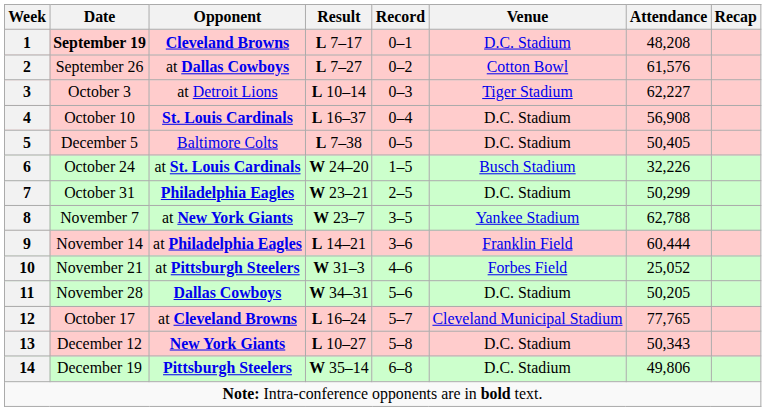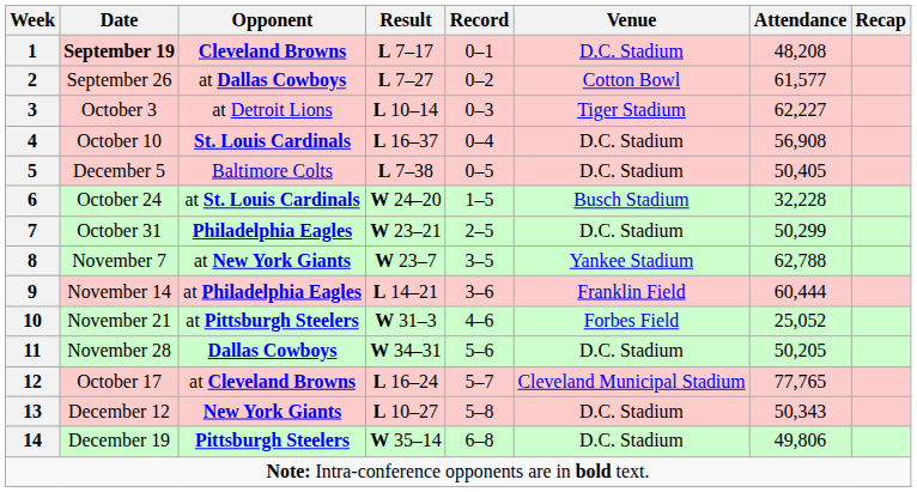 <table class="wikitable" style="text-align:center">
 <tr>
 <th>Week</th>
 <th>Date</th>
 <th>Opponent</th>
 <th>Result</th>
 <th>Record</th>
 <th>Venue</th>
 <th>Attendance</th>
 <th>Recap</th>
 </tr>
 <tr style="background:#fcc">
 <th>1</th>
 <td><strong>September 19</strong></td>
 <td><strong><a href='#'>Cleveland Browns</a></strong></td>
 <td><strong>L</strong> 7–17</td>
 <td>0–1</td>
 <td><a href='#'>D.C. Stadium</a></td>
 <td>48,208</td>
 <td></td>
 </tr>
 <tr style="background:#fcc">
 <th>2</th>
 <td>September 26</td>
 <td>at <strong><a href='#'>Dallas Cowboys</a></strong></td>
 <td><strong>L</strong> 7–27</td>
 <td>0–2</td>
 <td><a href='#'>Cotton Bowl</a></td>
-<td>61,576</td>
+<td>61,577</td>
 <td></td>
 </tr>
 <tr style="background:#fcc">
 <th>3</th>
 <td>October 3</td>
 <td>at <a href='#'>Detroit Lions</a></td>
 <td><strong>L</strong> 10–14</td>
 <td>0–3</td>
 <td><a href='#'>Tiger Stadium</a></td>
 <td>62,227</td>
 <td></td>
 </tr>
 <tr style="background:#fcc">
 <th>4</th>
 <td>October 10</td>
 <td><strong><a href='#'>St. Louis Cardinals</a></strong></td>
 <td><strong>L</strong> 16–37</td>
 <td>0–4</td>
 <td>D.C. Stadium</td>
 <td>56,908</td>
 <td></td>
 </tr>
 <tr style="background:#fcc">
 <th>5</th>
 <td>December 5</td>
 <td><a href='#'>Baltimore Colts</a></td>
 <td><strong>L</strong> 7–38</td>
 <td>0–5</td>
 <td>D.C. Stadium</td>
 <td>50,405</td>
 <td></td>
 </tr>
 <tr style="background:#cfc">
 <th>6</th>
 <td>October 24</td>
 <td>at <strong><a href='#'>St. Louis Cardinals</a></strong></td>
 <td><strong>W</strong> 24–20</td>
 <td>1–5</td>
 <td><a href='#'>Busch Stadium</a></td>
-<td>32,226</td>
+<td>32,228</td>
 <td></td>
 </tr>
 <tr style="background:#cfc">
 <th>7</th>
 <td>October 31</td>
 <td><strong><a href='#'>Philadelphia Eagles</a></strong></td>
 <td><strong>W</strong> 23–21</td>
 <td>2–5</td>
 <td>D.C. Stadium</td>
 <td>50,299</td>
 <td></td>
 </tr>
 <tr style="background:#cfc">
 <th>8</th>
 <td>November 7</td>
 <td>at <strong><a href='#'>New York Giants</a></strong></td>
 <td><strong>W</strong> 23–7</td>
 <td>3–5</td>
 <td><a href='#'>Yankee Stadium</a></td>
 <td>62,788</td>
 <td></td>
 </tr>
 <tr style="background:#fcc">
 <th>9</th>
 <td>November 14</td>
 <td>at <strong><a href='#'>Philadelphia Eagles</a></strong></td>
 <td><strong>L</strong> 14–21</td>
 <td>3–6</td>
 <td><a href='#'>Franklin Field</a></td>
 <td>60,444</td>
 <td></td>
 </tr>
 <tr style="background:#cfc">
 <th>10</th>
 <td>November 21</td>
 <td>at <strong><a href='#'>Pittsburgh Steelers</a></strong></td>
 <td><strong>W</strong> 31–3</td>
 <td>4–6</td>
 <td><a href='#'>Forbes Field</a></td>
 <td>25,052</td>
 <td></td>
 </tr>
 <tr style="background:#cfc">
 <th>11</th>
 <td>November 28</td>
 <td><strong><a href='#'>Dallas Cowboys</a></strong></td>
 <td><strong>W</strong> 34–31</td>
 <td>5–6</td>
 <td>D.C. Stadium</td>
 <td>50,205</td>
 <td></td>
 </tr>
 <tr style="background:#fcc">
 <th>12</th>
 <td>October 17</td>
 <td>at <strong><a href='#'>Cleveland Browns</a></strong></td>
 <td><strong>L</strong> 16–24</td>
 <td>5–7</td>
 <td><a href='#'>Cleveland Municipal Stadium</a></td>
 <td>77,765</td>
 <td></td>
 </tr>
 <tr style="background:#fcc">
 <th>13</th>
 <td>December 12</td>
 <td><strong><a href='#'>New York Giants</a></strong></td>
 <td><strong>L</strong> 10–27</td>
 <td>5–8</td>
 <td>D.C. Stadium</td>
 <td>50,343</td>
 <td></td>
 </tr>
 <tr style="background:#cfc">
 <th>14</th>
 <td>December 19</td>
 <td><strong><a href='#'>Pittsburgh Steelers</a></strong></td>
 <td><strong>W</strong> 35–14</td>
 <td>6–8</td>
 <td>D.C. Stadium</td>
 <td>49,806</td>
 <td></td>
 </tr>
 <tr>
 <td colspan="8"><strong>Note:</strong> Intra-conference opponents are in <strong>bold</strong> text.</td>
 </tr>
 </table>
